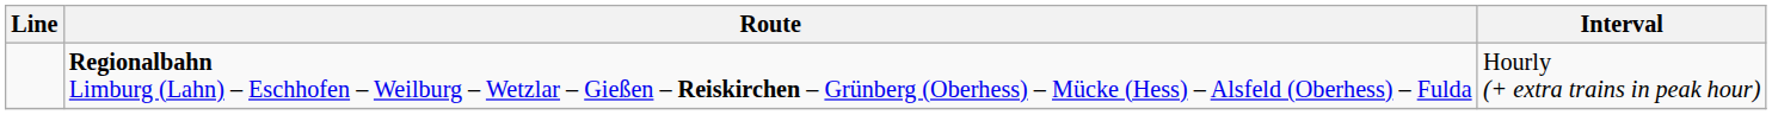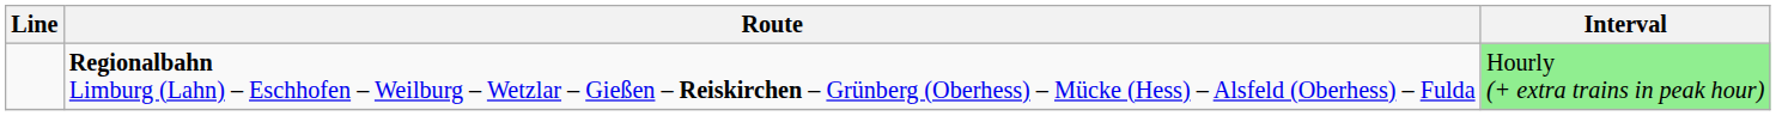 <table class="wikitable">
 <tr>
 <th>Line</th>
 <th>Route</th>
 <th>Interval</th>
 </tr>
 <tr>
 <td></td>
 <td><strong>Regionalbahn</strong><br><a href='#'>Limburg (Lahn)</a> – <a href='#'>Eschhofen</a> – <a href='#'>Weilburg</a> – <a href='#'>Wetzlar</a> – <a href='#'>Gießen</a> – <strong>Reiskirchen</strong> – <a href='#'>Grünberg (Oberhess)</a> – <a href='#'>Mücke (Hess)</a> – <a href='#'>Alsfeld (Oberhess)</a> – <a href='#'>Fulda</a></td>
-<td>Hourly<br> <em>(+ extra trains in peak hour)</em></td>
+<td style="background: lightgreen;">Hourly<br> <em>(+ extra trains in peak hour)</em></td>
 </tr>
 <tr>
 </tr>
 </table>
